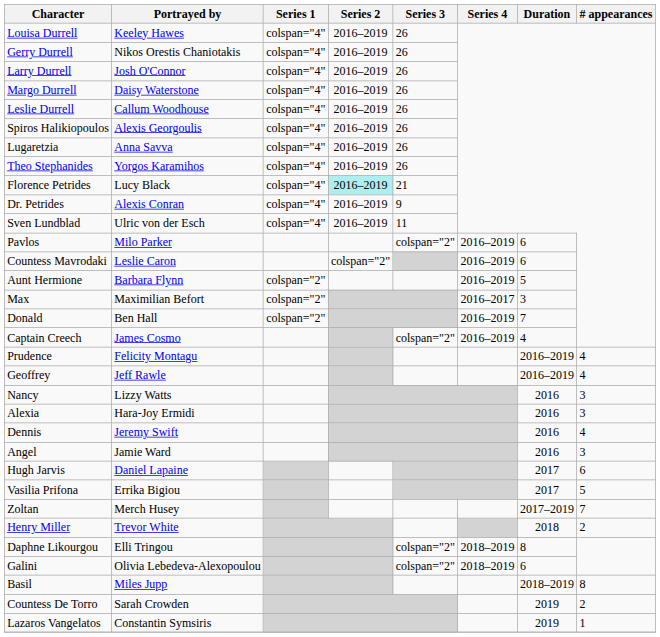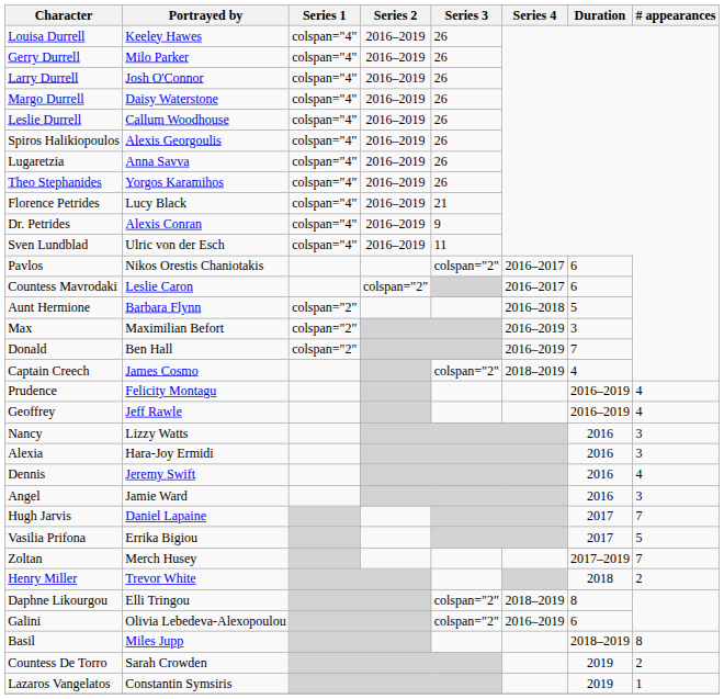 <table class="wikitable">
 <tr>
 <th>Character</th>
 <th>Portrayed by</th>
 <th>Series 1</th>
 <th>Series 2</th>
 <th>Series 3</th>
 <th>Series 4</th>
 <th>Duration</th>
 <th># appearances</th>
 </tr>
 <tr>
 <td><a href='#'>Louisa Durrell</a></td>
 <td><a href='#'>Keeley Hawes</a></td>
 <td>colspan="4" </td>
 <td style="text-align: center;">2016–2019</td>
 <td>26</td>
 </tr>
 <tr>
 <td><a href='#'>Gerry Durrell</a></td>
-<td>Nikos Orestis Chaniotakis</td>
+<td><a href='#'>Milo Parker</a></td>
 <td>colspan="4" </td>
 <td style="text-align: center;">2016–2019</td>
 <td>26</td>
 </tr>
 <tr>
 <td><a href='#'>Larry Durrell</a></td>
 <td><a href='#'>Josh O'Connor</a></td>
 <td>colspan="4" </td>
 <td style="text-align: center;">2016–2019</td>
 <td>26</td>
 </tr>
 <tr>
 <td><a href='#'>Margo Durrell</a></td>
 <td><a href='#'>Daisy Waterstone</a></td>
 <td>colspan="4" </td>
 <td style="text-align: center;">2016–2019</td>
 <td>26</td>
 </tr>
 <tr>
 <td><a href='#'>Leslie Durrell</a></td>
 <td><a href='#'>Callum Woodhouse</a></td>
 <td>colspan="4" </td>
 <td style="text-align: center;">2016–2019</td>
 <td>26</td>
 </tr>
 <tr>
 <td>Spiros Halikiopoulos</td>
 <td><a href='#'>Alexis Georgoulis</a></td>
 <td>colspan="4" </td>
 <td style="text-align: center;">2016–2019</td>
 <td>26</td>
 </tr>
 <tr>
 <td>Lugaretzia</td>
 <td><a href='#'>Anna Savva</a></td>
 <td>colspan="4" </td>
 <td style="text-align: center;">2016–2019</td>
 <td>26</td>
 </tr>
 <tr>
 <td><a href='#'>Theo Stephanides</a></td>
 <td><a href='#'>Yorgos Karamihos</a></td>
 <td>colspan="4" </td>
 <td style="text-align: center;">2016–2019</td>
 <td>26</td>
 </tr>
 <tr>
 <td>Florence Petrides</td>
 <td>Lucy Black</td>
 <td>colspan="4" </td>
-<td style="background: paleturquoise; text-align: center;">2016–2019</td>
+<td style="text-align: center;">2016–2019</td>
 <td>21</td>
 </tr>
 <tr>
 <td>Dr. Petrides</td>
 <td><a href='#'>Alexis Conran</a></td>
 <td>colspan="4" </td>
 <td style="text-align: center;">2016–2019</td>
 <td>9</td>
 </tr>
 <tr>
 <td>Sven Lundblad</td>
 <td>Ulric von der Esch</td>
 <td>colspan="4" </td>
 <td style="text-align: center;">2016–2019</td>
 <td>11</td>
 </tr>
 <tr>
 <td>Pavlos</td>
-<td><a href='#'>Milo Parker</a></td>
+<td>Nikos Orestis Chaniotakis</td>
 <td></td>
 <td></td>
 <td>colspan="2" </td>
-<td style="text-align: center;">2016–2019</td>
+<td style="text-align: center;">2016–2017</td>
 <td>6 </td>
 </tr>
 <tr>
 <td>Countess Mavrodaki</td>
 <td><a href='#'>Leslie Caron</a></td>
 <td></td>
 <td>colspan="2" </td>
 <td style="background:lightgray;"></td>
-<td style="text-align: center;">2016–2019</td>
+<td style="text-align: center;">2016–2017</td>
 <td>6</td>
 </tr>
 <tr>
 <td>Aunt Hermione</td>
 <td><a href='#'>Barbara Flynn</a></td>
 <td>colspan="2" </td>
 <td></td>
 <td> </td>
-<td style="text-align: center;">2016–2019</td>
+<td style="text-align: center;">2016–2018</td>
 <td>5</td>
 </tr>
 <tr>
 <td>Max</td>
 <td>Maximilian Befort</td>
 <td>colspan="2" </td>
 <td colspan="2" style="background:lightgray;"></td>
-<td style="text-align: center;">2016–2017</td>
+<td style="text-align: center;">2016–2019</td>
 <td>3</td>
 </tr>
 <tr>
 <td>Donald</td>
 <td>Ben Hall</td>
 <td>colspan="2" </td>
 <td colspan="2" style="background:lightgray;"></td>
 <td style="text-align: center;">2016–2019</td>
 <td>7</td>
 </tr>
 <tr>
 <td>Captain Creech</td>
 <td><a href='#'>James Cosmo</a></td>
 <td></td>
 <td style="background:lightgray;"></td>
 <td>colspan="2" </td>
-<td style="text-align: center;">2016–2019</td>
+<td style="text-align: center;">2018–2019</td>
 <td>4</td>
 </tr>
 <tr>
 <td>Prudence</td>
 <td><a href='#'>Felicity Montagu</a></td>
 <td></td>
 <td style="background:lightgray;"></td>
 <td></td>
 <td></td>
 <td style="text-align: center;">2016–2019</td>
 <td>4</td>
 </tr>
 <tr>
 <td>Geoffrey</td>
 <td><a href='#'>Jeff Rawle</a></td>
 <td></td>
 <td style="background:lightgray;"></td>
 <td></td>
 <td></td>
 <td style="text-align: center;">2016–2019</td>
 <td>4</td>
 </tr>
 <tr>
 <td>Nancy</td>
 <td>Lizzy Watts</td>
 <td></td>
 <td colspan="3"  style="background:lightgray;"></td>
 <td style="text-align: center;">2016</td>
 <td>3</td>
 </tr>
 <tr>
 <td>Alexia</td>
 <td>Hara-Joy Ermidi</td>
 <td></td>
 <td colspan="3"  style="background:lightgray;"></td>
 <td style="text-align: center;">2016</td>
 <td>3</td>
 </tr>
 <tr>
 <td>Dennis</td>
 <td><a href='#'>Jeremy Swift</a></td>
 <td></td>
 <td colspan="3"  style="background:lightgray;"></td>
 <td style="text-align: center;">2016</td>
 <td>4</td>
 </tr>
 <tr>
 <td>Angel</td>
 <td>Jamie Ward</td>
 <td></td>
 <td colspan="3"  style="background:lightgray;"></td>
 <td style="text-align: center;">2016</td>
 <td>3</td>
 </tr>
 <tr>
 <td>Hugh Jarvis</td>
 <td><a href='#'>Daniel Lapaine</a></td>
 <td style="background:lightgray;"></td>
 <td></td>
 <td colspan="2" style="background:lightgray;"></td>
 <td style="text-align: center;">2017</td>
-<td>6</td>
+<td>7</td>
 </tr>
 <tr>
 <td>Vasilia Prifona</td>
 <td>Errika Bigiou</td>
 <td style="background:lightgray;"></td>
 <td></td>
 <td colspan="2" style="background:lightgray;"></td>
 <td style="text-align: center;">2017</td>
 <td>5</td>
 </tr>
 <tr>
 <td>Zoltan</td>
 <td>Merch Husey</td>
 <td style="background:lightgray;"></td>
 <td></td>
 <td></td>
 <td></td>
 <td style="text-align: center;">2017–2019</td>
 <td>7</td>
 </tr>
 <tr>
 <td><a href='#'>Henry Miller</a></td>
 <td><a href='#'>Trevor White</a></td>
 <td colspan="2" style="background:lightgray;"></td>
 <td></td>
 <td style="background:lightgray;"></td>
 <td style="text-align: center;">2018</td>
 <td>2</td>
 </tr>
 <tr>
 <td>Daphne Likourgou</td>
 <td>Elli Tringou</td>
 <td colspan="2" style="background:lightgray;"></td>
 <td>colspan="2" </td>
 <td style="text-align: center;">2018–2019</td>
 <td>8 </td>
 </tr>
 <tr>
 <td>Galini</td>
 <td>Olivia Lebedeva-Alexopoulou</td>
 <td colspan="2" style="background:lightgray;"></td>
 <td>colspan="2" </td>
-<td style="text-align: center;">2018–2019</td>
+<td style="text-align: center;">2016–2019</td>
 <td>6 </td>
 </tr>
 <tr>
 <td>Basil</td>
 <td><a href='#'>Miles Jupp</a></td>
 <td colspan="2" style="background:lightgray;"></td>
 <td></td>
 <td></td>
 <td style="text-align: center;">2018–2019</td>
 <td>8</td>
 </tr>
 <tr>
 <td>Countess De Torro</td>
 <td>Sarah Crowden</td>
 <td colspan="3" style="background:lightgray;"></td>
 <td></td>
 <td style="text-align: center;">2019</td>
 <td>2</td>
 </tr>
 <tr>
 <td>Lazaros Vangelatos</td>
 <td>Constantin Symsiris</td>
 <td colspan="3" style="background:lightgray;"></td>
 <td></td>
 <td style="text-align: center;">2019</td>
 <td>1</td>
 </tr>
 <tr>
 </tr>
 </table>
